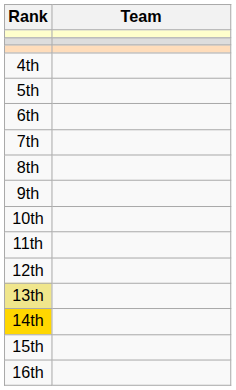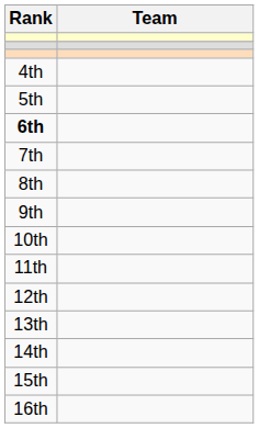 <table class=wikitable style="text-align:center;">
 <tr>
 <th>Rank</th>
 <th width=170>Team</th>
 </tr>
 <tr bgcolor=#ffc>
 <td> </td>
 <td align=left></td>
 </tr>
 <tr bgcolor=#ddd>
 <td> </td>
 <td align=left></td>
 </tr>
 <tr bgcolor=#fdb>
 <td> </td>
 <td align=left></td>
 </tr>
 <tr>
 <td>4th</td>
 <td align=left></td>
 </tr>
 <tr>
 <td>5th</td>
 <td align=left></td>
 </tr>
 <tr>
-<td>6th</td>
+<td><strong>6th</strong></td>
 <td align=left></td>
 </tr>
 <tr>
 <td>7th</td>
 <td align=left></td>
 </tr>
 <tr>
 <td>8th</td>
 <td align=left></td>
 </tr>
 <tr>
 <td>9th</td>
 <td align=left></td>
 </tr>
 <tr>
 <td>10th</td>
 <td align=left></td>
 </tr>
 <tr>
 <td>11th</td>
 <td align=left></td>
 </tr>
 <tr>
 <td>12th</td>
 <td align=left></td>
 </tr>
 <tr>
-<td style="background: khaki;">13th</td>
+<td>13th</td>
 <td align=left></td>
 </tr>
 <tr>
-<td style="background: gold;">14th</td>
+<td>14th</td>
 <td align=left></td>
 </tr>
 <tr>
 <td>15th</td>
 <td align=left></td>
 </tr>
 <tr>
 <td>16th</td>
 <td align=left></td>
 </tr>
 </table>
